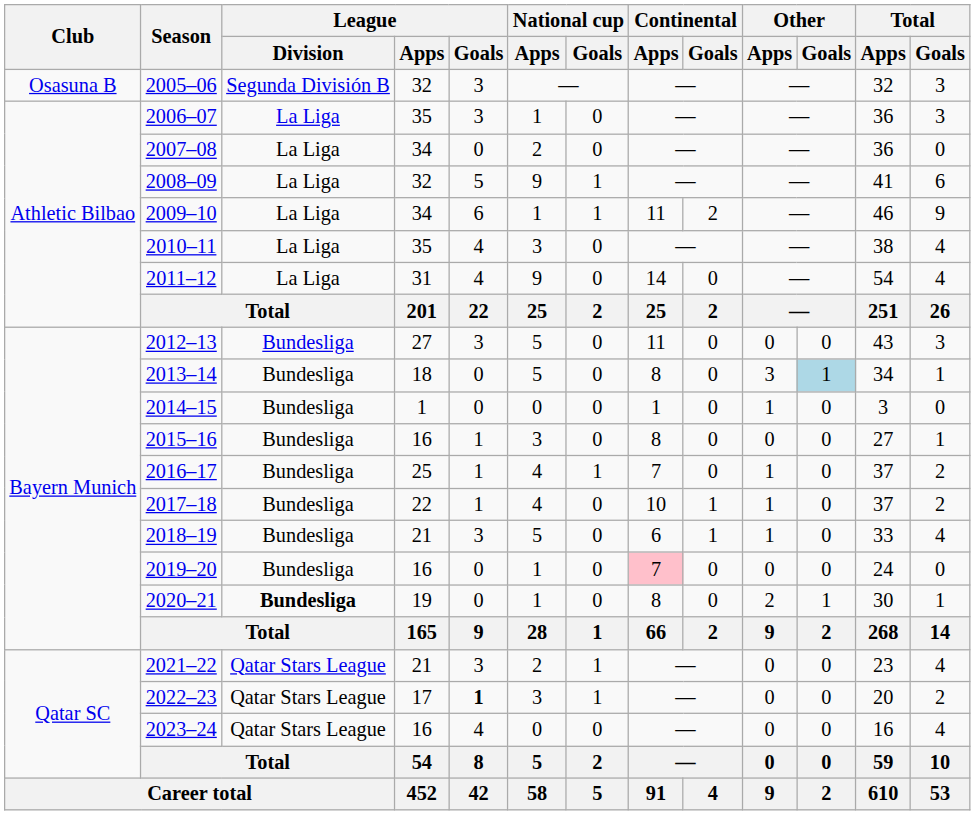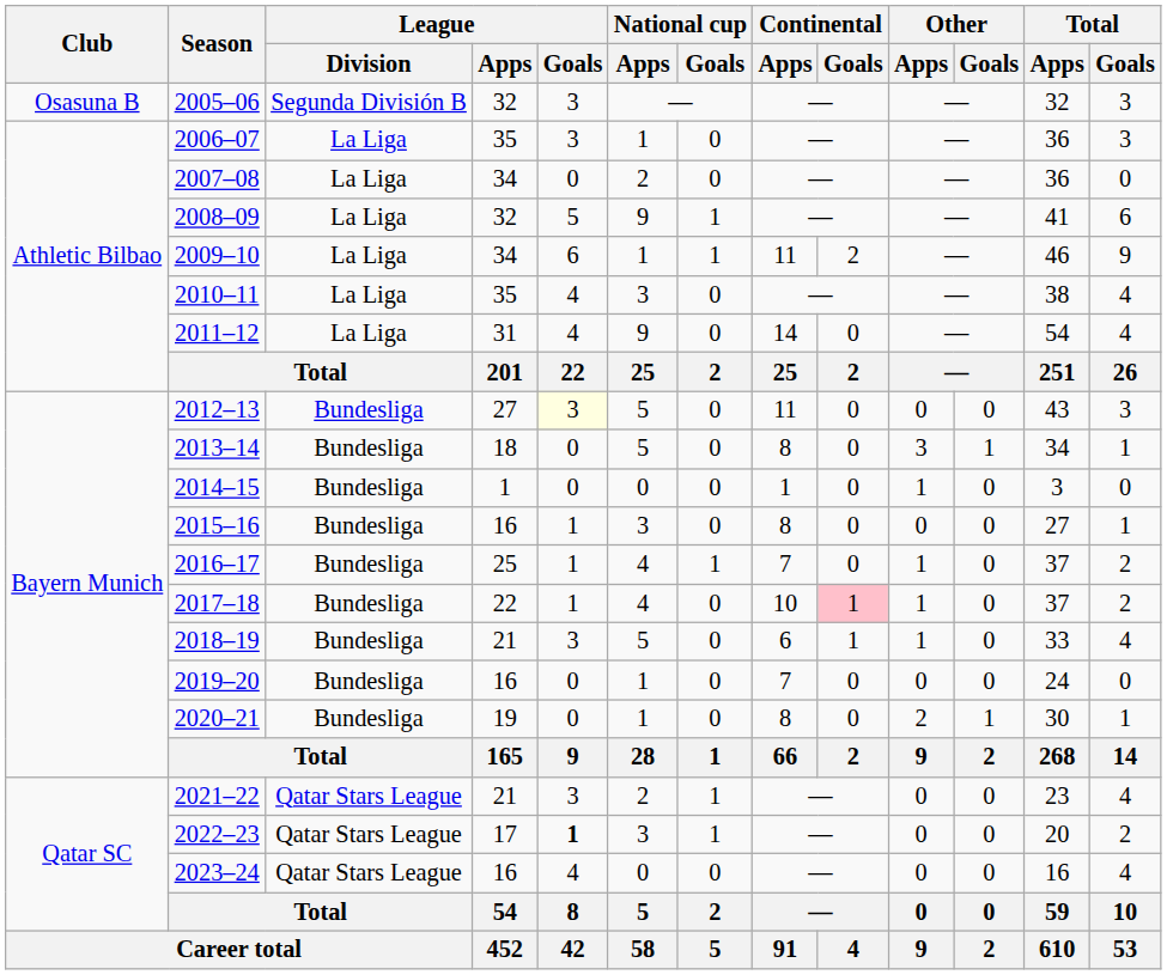 <table class="wikitable" Style="text-align: center">
 <tr>
 <th rowspan="2">Club</th>
 <th rowspan="2">Season</th>
 <th colspan="3">League</th>
 <th colspan="2">National cup</th>
 <th colspan="2">Continental</th>
 <th colspan="2">Other</th>
 <th colspan="2">Total</th>
 </tr>
 <tr>
 <th>Division</th>
 <th>Apps</th>
 <th>Goals</th>
 <th>Apps</th>
 <th>Goals</th>
 <th>Apps</th>
 <th>Goals</th>
 <th>Apps</th>
 <th>Goals</th>
 <th>Apps</th>
 <th>Goals</th>
 </tr>
 <tr>
 <td><a href='#'>Osasuna B</a></td>
 <td><a href='#'>2005–06</a></td>
 <td><a href='#'>Segunda División B</a></td>
 <td>32</td>
 <td>3</td>
 <td colspan="2">—</td>
 <td colspan="2">—</td>
 <td colspan="2">—</td>
 <td>32</td>
 <td>3</td>
 </tr>
 <tr>
 <td rowspan="7"><a href='#'>Athletic Bilbao</a></td>
 <td><a href='#'>2006–07</a></td>
 <td><a href='#'>La Liga</a></td>
 <td>35</td>
 <td>3</td>
 <td>1</td>
 <td>0</td>
 <td colspan="2">—</td>
 <td colspan="2">—</td>
 <td>36</td>
 <td>3</td>
 </tr>
 <tr>
 <td><a href='#'>2007–08</a></td>
 <td>La Liga</td>
 <td>34</td>
 <td>0</td>
 <td>2</td>
 <td>0</td>
 <td colspan="2">—</td>
 <td colspan="2">—</td>
 <td>36</td>
 <td>0</td>
 </tr>
 <tr>
 <td><a href='#'>2008–09</a></td>
 <td>La Liga</td>
 <td>32</td>
 <td>5</td>
 <td>9</td>
 <td>1</td>
 <td colspan="2">—</td>
 <td colspan="2">—</td>
 <td>41</td>
 <td>6</td>
 </tr>
 <tr>
 <td><a href='#'>2009–10</a></td>
 <td>La Liga</td>
 <td>34</td>
 <td>6</td>
 <td>1</td>
 <td>1</td>
 <td>11</td>
 <td>2</td>
 <td colspan="2">—</td>
 <td>46</td>
 <td>9</td>
 </tr>
 <tr>
 <td><a href='#'>2010–11</a></td>
 <td>La Liga</td>
 <td>35</td>
 <td>4</td>
 <td>3</td>
 <td>0</td>
 <td colspan="2">—</td>
 <td colspan="2">—</td>
 <td>38</td>
 <td>4</td>
 </tr>
 <tr>
 <td><a href='#'>2011–12</a></td>
 <td>La Liga</td>
 <td>31</td>
 <td>4</td>
 <td>9</td>
 <td>0</td>
 <td>14</td>
 <td>0</td>
 <td colspan="2">—</td>
 <td>54</td>
 <td>4</td>
 </tr>
 <tr>
 <th colspan="2">Total</th>
 <th>201</th>
 <th>22</th>
 <th>25</th>
 <th>2</th>
 <th>25</th>
 <th>2</th>
 <th colspan="2">—</th>
 <th>251</th>
 <th>26</th>
 </tr>
 <tr>
 <td rowspan="10"><a href='#'>Bayern Munich</a></td>
 <td><a href='#'>2012–13</a></td>
 <td><a href='#'>Bundesliga</a></td>
 <td>27</td>
-<td>3</td>
+<td style="background: lightyellow;">3</td>
 <td>5</td>
 <td>0</td>
 <td>11</td>
 <td>0</td>
 <td>0</td>
 <td>0</td>
 <td>43</td>
 <td>3</td>
 </tr>
 <tr>
 <td><a href='#'>2013–14</a></td>
 <td>Bundesliga</td>
 <td>18</td>
 <td>0</td>
 <td>5</td>
 <td>0</td>
 <td>8</td>
 <td>0</td>
 <td>3</td>
-<td style="background: lightblue;">1</td>
+<td>1</td>
 <td>34</td>
 <td>1</td>
 </tr>
 <tr>
 <td><a href='#'>2014–15</a></td>
 <td>Bundesliga</td>
 <td>1</td>
 <td>0</td>
 <td>0</td>
 <td>0</td>
 <td>1</td>
 <td>0</td>
 <td>1</td>
 <td>0</td>
 <td>3</td>
 <td>0</td>
 </tr>
 <tr>
 <td><a href='#'>2015–16</a></td>
 <td>Bundesliga</td>
 <td>16</td>
 <td>1</td>
 <td>3</td>
 <td>0</td>
 <td>8</td>
 <td>0</td>
 <td>0</td>
 <td>0</td>
 <td>27</td>
 <td>1</td>
 </tr>
 <tr>
 <td><a href='#'>2016–17</a></td>
 <td>Bundesliga</td>
 <td>25</td>
 <td>1</td>
 <td>4</td>
 <td>1</td>
 <td>7</td>
 <td>0</td>
 <td>1</td>
 <td>0</td>
 <td>37</td>
 <td>2</td>
 </tr>
 <tr>
 <td><a href='#'>2017–18</a></td>
 <td>Bundesliga</td>
 <td>22</td>
 <td>1</td>
 <td>4</td>
 <td>0</td>
 <td>10</td>
-<td>1</td>
+<td style="background: pink;">1</td>
 <td>1</td>
 <td>0</td>
 <td>37</td>
 <td>2</td>
 </tr>
 <tr>
 <td><a href='#'>2018–19</a></td>
 <td>Bundesliga</td>
 <td>21</td>
 <td>3</td>
 <td>5</td>
 <td>0</td>
 <td>6</td>
 <td>1</td>
 <td>1</td>
 <td>0</td>
 <td>33</td>
 <td>4</td>
 </tr>
 <tr>
 <td><a href='#'>2019–20</a></td>
 <td>Bundesliga</td>
 <td>16</td>
 <td>0</td>
 <td>1</td>
 <td>0</td>
-<td style="background: pink;">7</td>
+<td>7</td>
 <td>0</td>
 <td>0</td>
 <td>0</td>
 <td>24</td>
 <td>0</td>
 </tr>
 <tr>
 <td><a href='#'>2020–21</a></td>
-<td><strong>Bundesliga</strong></td>
+<td>Bundesliga</td>
 <td>19</td>
 <td>0</td>
 <td>1</td>
 <td>0</td>
 <td>8</td>
 <td>0</td>
 <td>2</td>
 <td>1</td>
 <td>30</td>
 <td>1</td>
 </tr>
 <tr>
 <th colspan="2">Total</th>
 <th>165</th>
 <th>9</th>
 <th>28</th>
 <th>1</th>
 <th>66</th>
 <th>2</th>
 <th>9</th>
 <th>2</th>
 <th>268</th>
 <th>14</th>
 </tr>
 <tr>
 <td rowspan="4"><a href='#'>Qatar SC</a></td>
 <td><a href='#'>2021–22</a></td>
 <td><a href='#'>Qatar Stars League</a></td>
 <td>21</td>
 <td>3</td>
 <td>2</td>
 <td>1</td>
 <td colspan="2">—</td>
 <td>0</td>
 <td>0</td>
 <td>23</td>
 <td>4</td>
 </tr>
 <tr>
 <td><a href='#'>2022–23</a></td>
 <td>Qatar Stars League</td>
 <td>17</td>
 <td><strong>1</strong></td>
 <td>3</td>
 <td>1</td>
 <td colspan="2">—</td>
 <td>0</td>
 <td>0</td>
 <td>20</td>
 <td>2</td>
 </tr>
 <tr>
 <td><a href='#'>2023–24</a></td>
 <td>Qatar Stars League</td>
 <td>16</td>
 <td>4</td>
 <td>0</td>
 <td>0</td>
 <td colspan="2">—</td>
 <td>0</td>
 <td>0</td>
 <td>16</td>
 <td>4</td>
 </tr>
 <tr>
 <th colspan="2">Total</th>
 <th>54</th>
 <th>8</th>
 <th>5</th>
 <th>2</th>
 <th colspan="2">—</th>
 <th>0</th>
 <th>0</th>
 <th>59</th>
 <th>10</th>
 </tr>
 <tr>
 <th colspan="3">Career total</th>
 <th>452</th>
 <th>42</th>
 <th>58</th>
 <th>5</th>
 <th>91</th>
 <th>4</th>
 <th>9</th>
 <th>2</th>
 <th>610</th>
 <th>53</th>
 </tr>
 </table>
